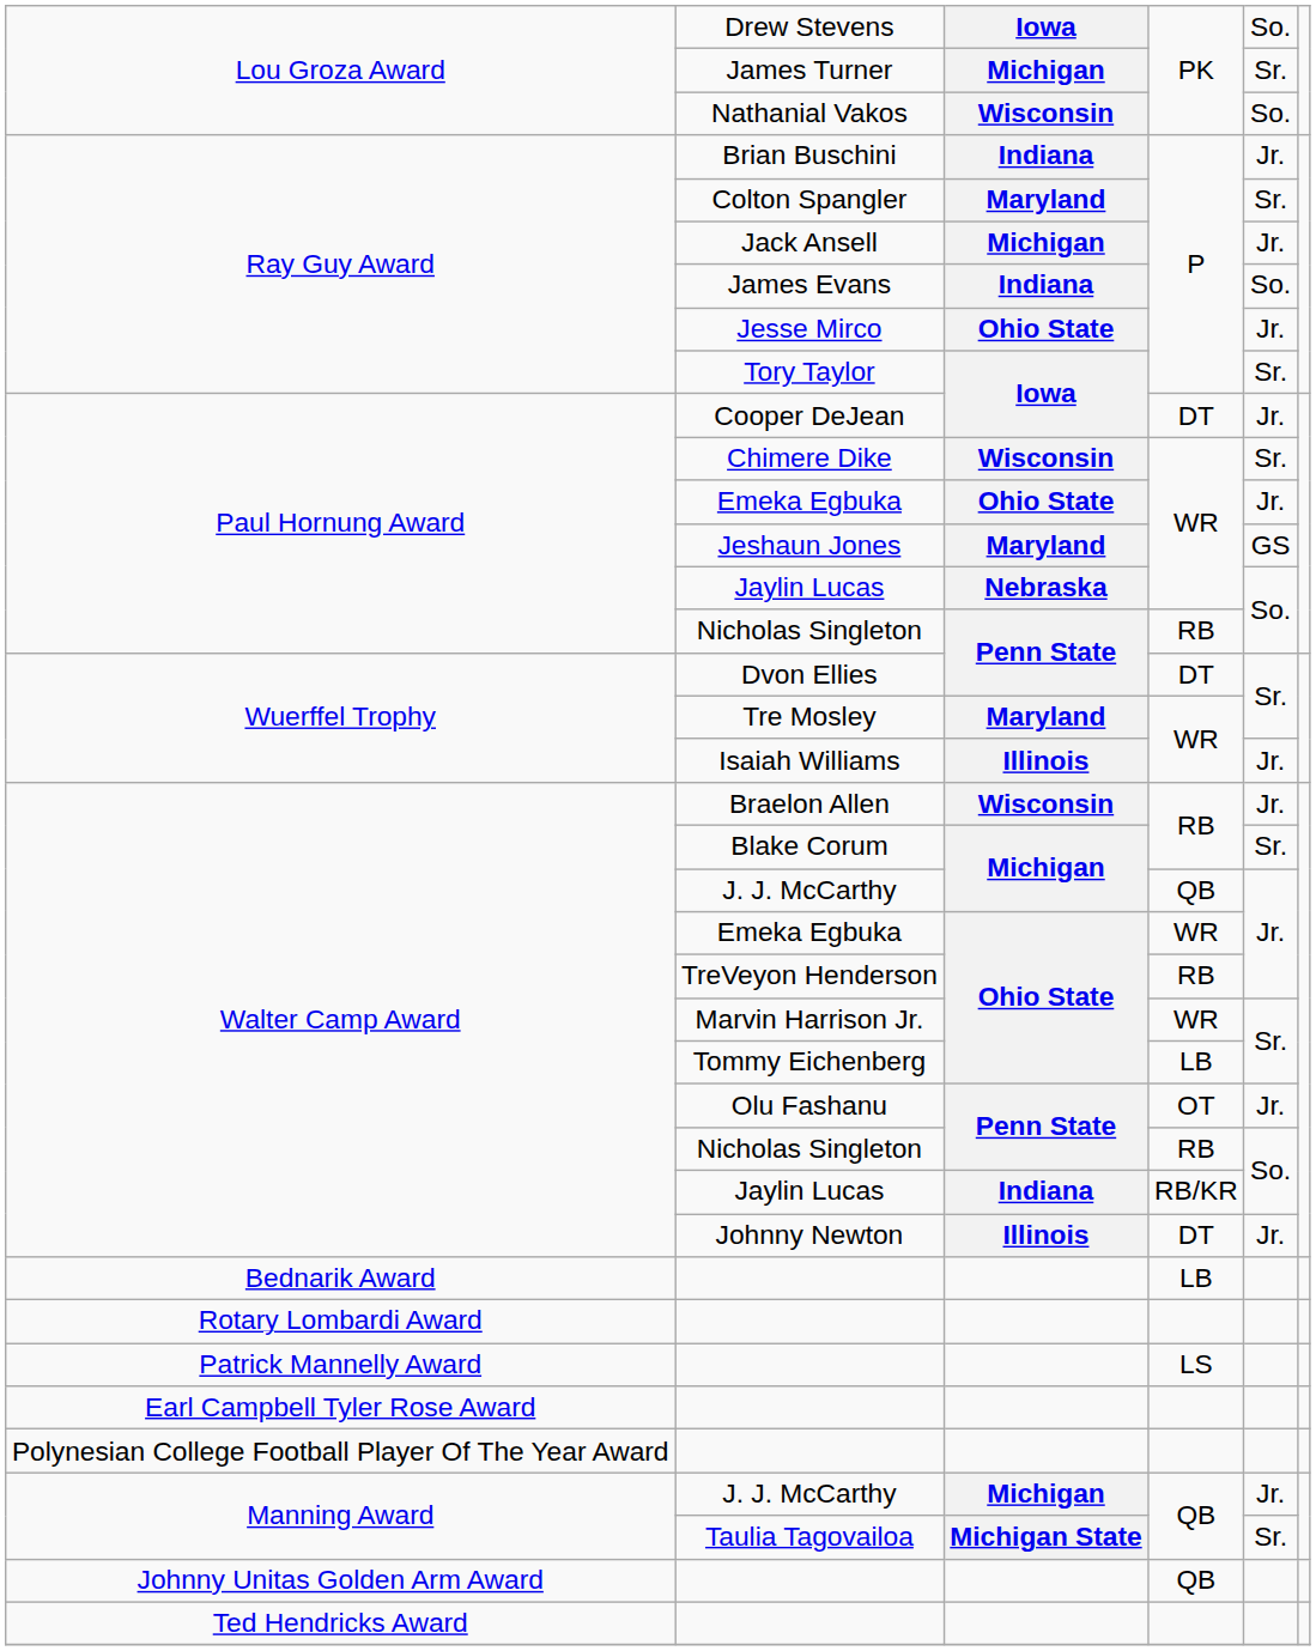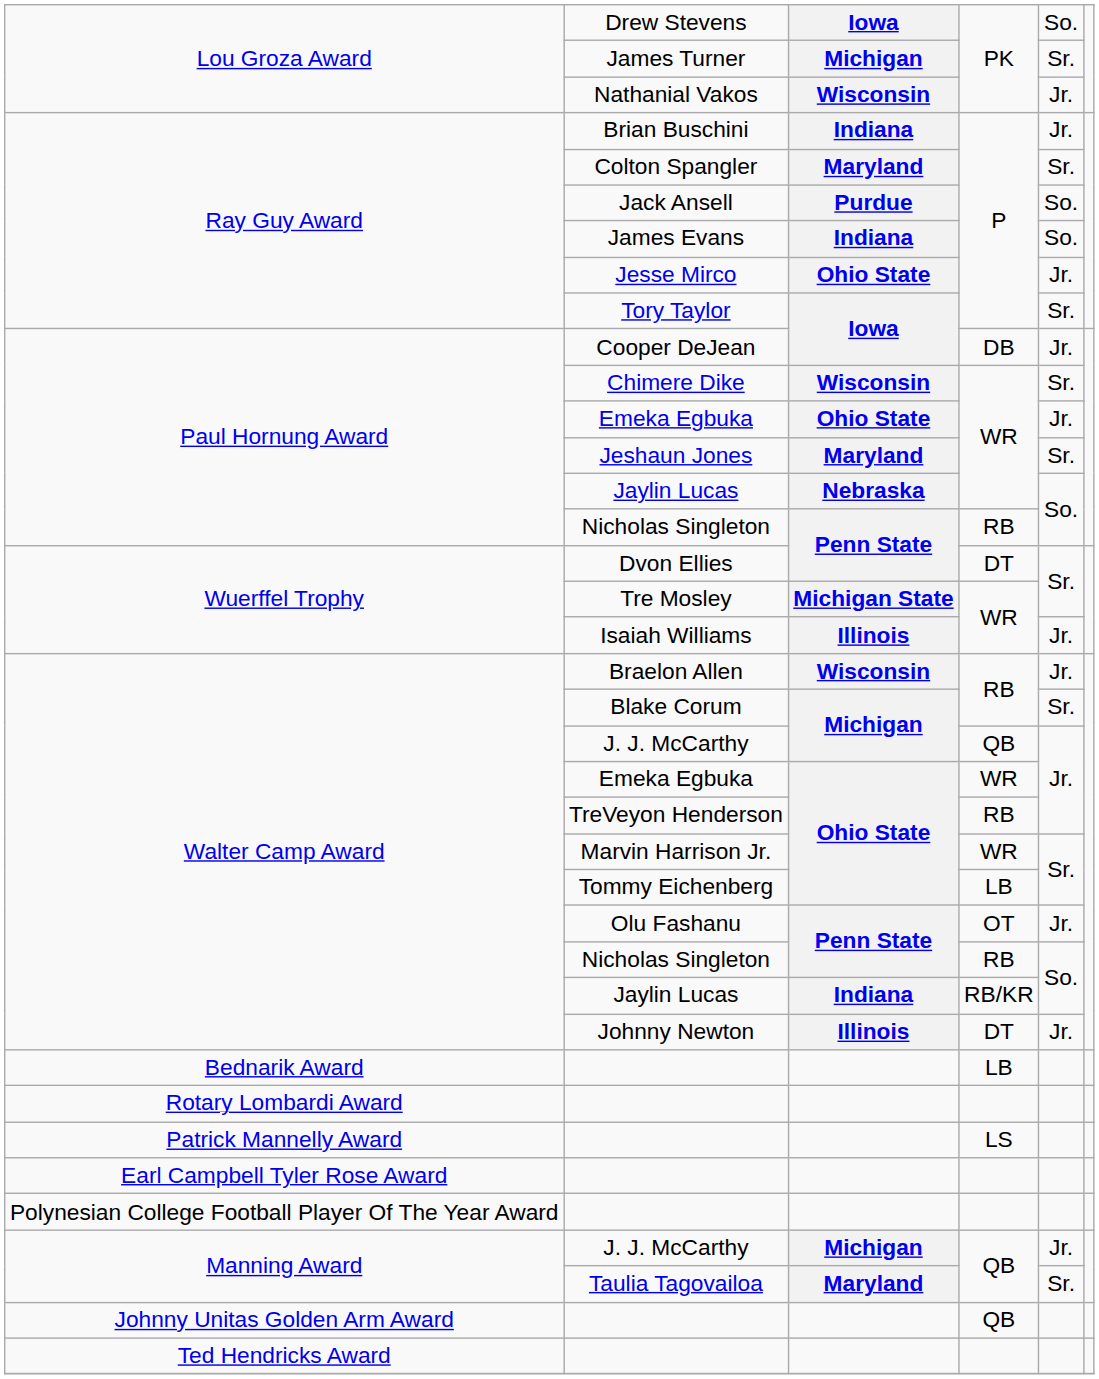 <table class="wikitable" style="text-align:center;">
 <tr>
 <td rowspan=3><a href='#'>Lou Groza Award</a></td>
 <td>Drew Stevens</td>
 <th><a href='#'>Iowa</a></th>
 <td rowspan=3>PK</td>
 <td>So.</td>
 <td rowspan=3></td>
 </tr>
 <tr>
 <td>James Turner</td>
 <th><a href='#'>Michigan</a></th>
 <td>Sr.</td>
 </tr>
 <tr>
 <td>Nathanial Vakos</td>
 <th><a href='#'>Wisconsin</a></th>
-<td>So.</td>
+<td>Jr.</td>
 </tr>
 <tr>
 <td rowspan=6><a href='#'>Ray Guy Award</a></td>
 <td>Brian Buschini</td>
 <th><a href='#'>Indiana</a></th>
 <td rowspan=6>P</td>
 <td>Jr.</td>
 <td rowspan=6></td>
 </tr>
 <tr>
 <td>Colton Spangler</td>
 <th><a href='#'>Maryland</a></th>
 <td>Sr.</td>
 </tr>
 <tr>
 <td>Jack Ansell</td>
-<th><a href='#'>Michigan</a></th>
-<td>Jr.</td>
+<th><a href='#'>Purdue</a></th>
+<td>So.</td>
 </tr>
 <tr>
 <td>James Evans</td>
 <th><a href='#'>Indiana</a></th>
 <td>So.</td>
 </tr>
 <tr>
 <td><a href='#'>Jesse Mirco</a></td>
 <th><a href='#'>Ohio State</a></th>
 <td>Jr.</td>
 </tr>
 <tr>
 <td><a href='#'>Tory Taylor</a></td>
 <th rowspan=2 align="center"><a href='#'>Iowa</a></th>
 <td>Sr.</td>
 </tr>
 <tr>
 <td rowspan=6><a href='#'>Paul Hornung Award</a></td>
 <td>Cooper DeJean</td>
-<td>DT</td>
+<td>DB</td>
 <td>Jr.</td>
 <td rowspan=6></td>
 </tr>
 <tr>
 <td><a href='#'>Chimere Dike</a></td>
 <th><a href='#'>Wisconsin</a></th>
 <td rowspan=4>WR</td>
 <td>Sr.</td>
 </tr>
 <tr>
 <td><a href='#'>Emeka Egbuka</a></td>
 <th><a href='#'>Ohio State</a></th>
 <td>Jr.</td>
 </tr>
 <tr>
 <td><a href='#'>Jeshaun Jones</a></td>
 <th><a href='#'>Maryland</a></th>
-<td>GS</td>
+<td>Sr.</td>
 </tr>
 <tr>
 <td><a href='#'>Jaylin Lucas</a></td>
 <th><a href='#'>Nebraska</a></th>
 <td rowspan=2>So.</td>
 </tr>
 <tr>
 <td>Nicholas Singleton</td>
 <th rowspan=2 align="center"><a href='#'>Penn State</a></th>
 <td>RB</td>
 </tr>
 <tr>
 <td rowspan=3><a href='#'>Wuerffel Trophy</a></td>
 <td>Dvon Ellies</td>
 <td>DT</td>
 <td rowspan=2>Sr.</td>
 <td rowspan=3></td>
 </tr>
 <tr>
 <td>Tre Mosley</td>
-<th><a href='#'>Maryland</a></th>
+<th><a href='#'>Michigan State</a></th>
 <td rowspan=2>WR</td>
 </tr>
 <tr>
 <td>Isaiah Williams</td>
 <th><a href='#'>Illinois</a></th>
 <td>Jr.</td>
 </tr>
 <tr>
 <td rowspan=11><a href='#'>Walter Camp Award</a></td>
 <td>Braelon Allen</td>
 <th><a href='#'>Wisconsin</a></th>
 <td rowspan=2>RB</td>
 <td>Jr.</td>
 <td rowspan=11></td>
 </tr>
 <tr>
 <td>Blake Corum</td>
 <th rowspan=2 align="center"><a href='#'>Michigan</a></th>
 <td>Sr.</td>
 </tr>
 <tr>
 <td>J. J. McCarthy</td>
 <td>QB</td>
 <td rowspan=3>Jr.</td>
 </tr>
 <tr>
 <td>Emeka Egbuka</td>
 <th rowspan=4 align="center"><a href='#'>Ohio State</a></th>
 <td>WR</td>
 </tr>
 <tr>
 <td>TreVeyon Henderson</td>
 <td>RB</td>
 </tr>
 <tr>
 <td>Marvin Harrison Jr.</td>
 <td>WR</td>
 <td rowspan=2>Sr.</td>
 </tr>
 <tr>
 <td>Tommy Eichenberg</td>
 <td>LB</td>
 </tr>
 <tr>
 <td>Olu Fashanu</td>
 <th rowspan=2 align="center"><a href='#'>Penn State</a></th>
 <td>OT</td>
 <td>Jr.</td>
 </tr>
 <tr>
 <td>Nicholas Singleton</td>
 <td>RB</td>
 <td rowspan=2>So.</td>
 </tr>
 <tr>
 <td>Jaylin Lucas</td>
 <th><a href='#'>Indiana</a></th>
 <td>RB/KR</td>
 </tr>
 <tr>
 <td>Johnny Newton</td>
 <th><a href='#'>Illinois</a></th>
 <td>DT</td>
 <td>Jr.</td>
 </tr>
 <tr>
 <td rowspan=1><a href='#'>Bednarik Award</a></td>
 <td></td>
 <td></td>
 <td rowspan=1>LB</td>
 <td></td>
 <td rowspan=1></td>
 </tr>
 <tr>
 <td rowspan=1><a href='#'>Rotary Lombardi Award</a></td>
 <td></td>
 <td></td>
 <td></td>
 <td></td>
 <td></td>
 </tr>
 <tr>
 <td rowspan=1><a href='#'>Patrick Mannelly Award</a></td>
 <td></td>
 <td></td>
 <td>LS</td>
 <td></td>
 <td rowspan=1></td>
 </tr>
 <tr>
 <td rowspan=1><a href='#'>Earl Campbell Tyler Rose Award</a></td>
 <td></td>
 <td></td>
 <td></td>
 <td></td>
 <td rowspan=1></td>
 </tr>
 <tr>
 <td rowspan=1>Polynesian College Football Player Of The Year Award</td>
 <td></td>
 <td></td>
 <td></td>
 <td></td>
 <td rowspan=1></td>
 </tr>
 <tr>
 <td rowspan=2><a href='#'>Manning Award</a></td>
 <td>J. J. McCarthy</td>
 <th><a href='#'>Michigan</a></th>
 <td rowspan=2>QB</td>
 <td>Jr.</td>
 <td rowspan=2></td>
 </tr>
 <tr>
 <td><a href='#'>Taulia Tagovailoa</a></td>
-<th><a href='#'>Michigan State</a></th>
+<th><a href='#'>Maryland</a></th>
 <td>Sr.</td>
 </tr>
 <tr>
 <td rowspan=1><a href='#'>Johnny Unitas Golden Arm Award</a></td>
 <td></td>
 <td></td>
 <td rowspan=1>QB</td>
 <td></td>
 <td rowspan=1></td>
 </tr>
 <tr>
 <td><a href='#'>Ted Hendricks Award</a></td>
 <td></td>
 <td></td>
 <td></td>
 <td></td>
 <td></td>
 </tr>
 <tr>
 </tr>
 </table>
